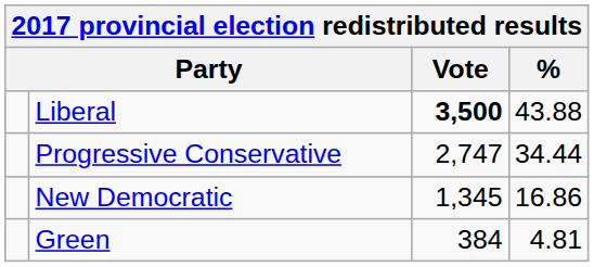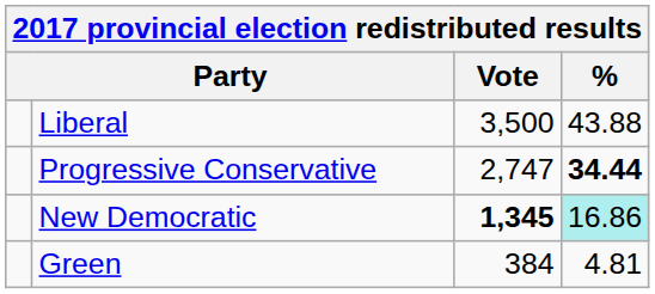 <table class="wikitable">
 <tr>
 <th colspan="4"><a href='#'>2017 provincial election</a> redistributed results</th>
 </tr>
 <tr>
 <th bgcolor="#DDDDFF" width="130px" colspan="2">Party</th>
 <th bgcolor="#DDDDFF" width="50px">Vote</th>
 <th bgcolor="#DDDDFF" width="30px">%</th>
 </tr>
 <tr>
 <td> </td>
 <td><a href='#'>Liberal</a></td>
-<td align=right><strong>3,500</strong></td>
+<td align=right>3,500</td>
 <td align=right>43.88</td>
 </tr>
 <tr>
 <td> </td>
 <td><a href='#'>Progressive Conservative</a></td>
 <td align=right>2,747</td>
-<td align=right>34.44</td>
+<td align=right><strong>34.44</strong></td>
 </tr>
 <tr>
 <td> </td>
 <td><a href='#'>New Democratic</a></td>
-<td align=right>1,345</td>
-<td align=right>16.86</td>
+<td align=right><strong>1,345</strong></td>
+<td align=right style="background: paleturquoise;">16.86</td>
 </tr>
 <tr>
 <td> </td>
 <td><a href='#'>Green</a></td>
 <td align=right>384</td>
 <td align=right>4.81</td>
 </tr>
 </table>
